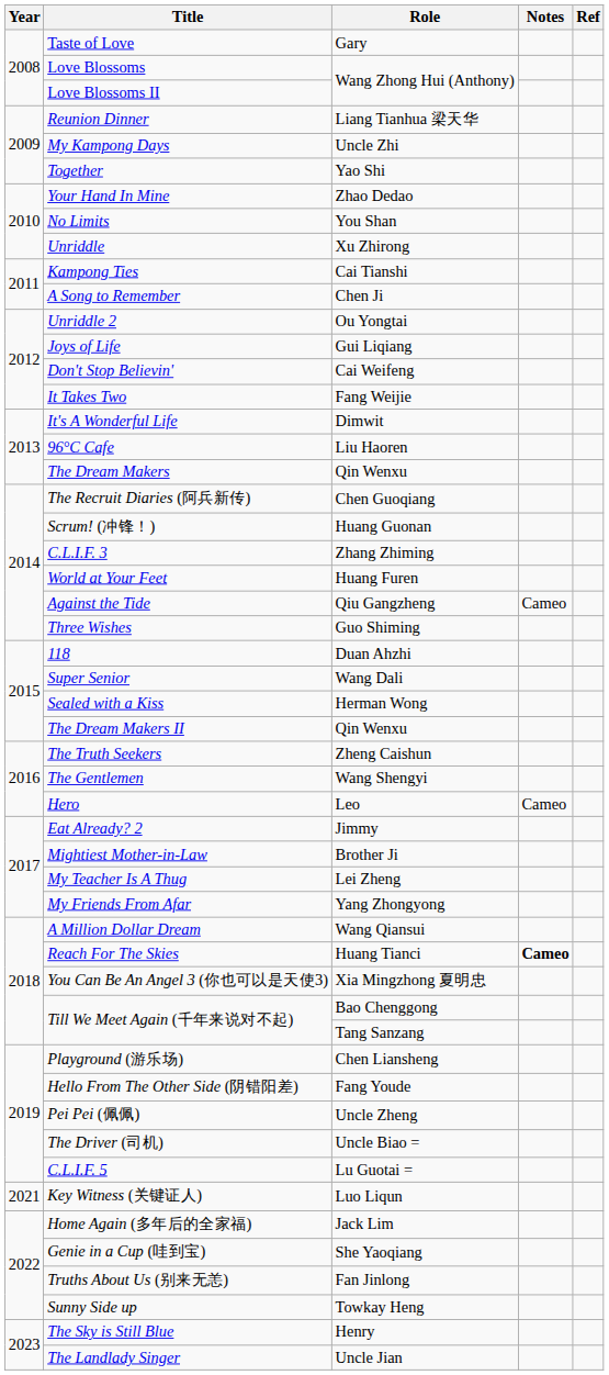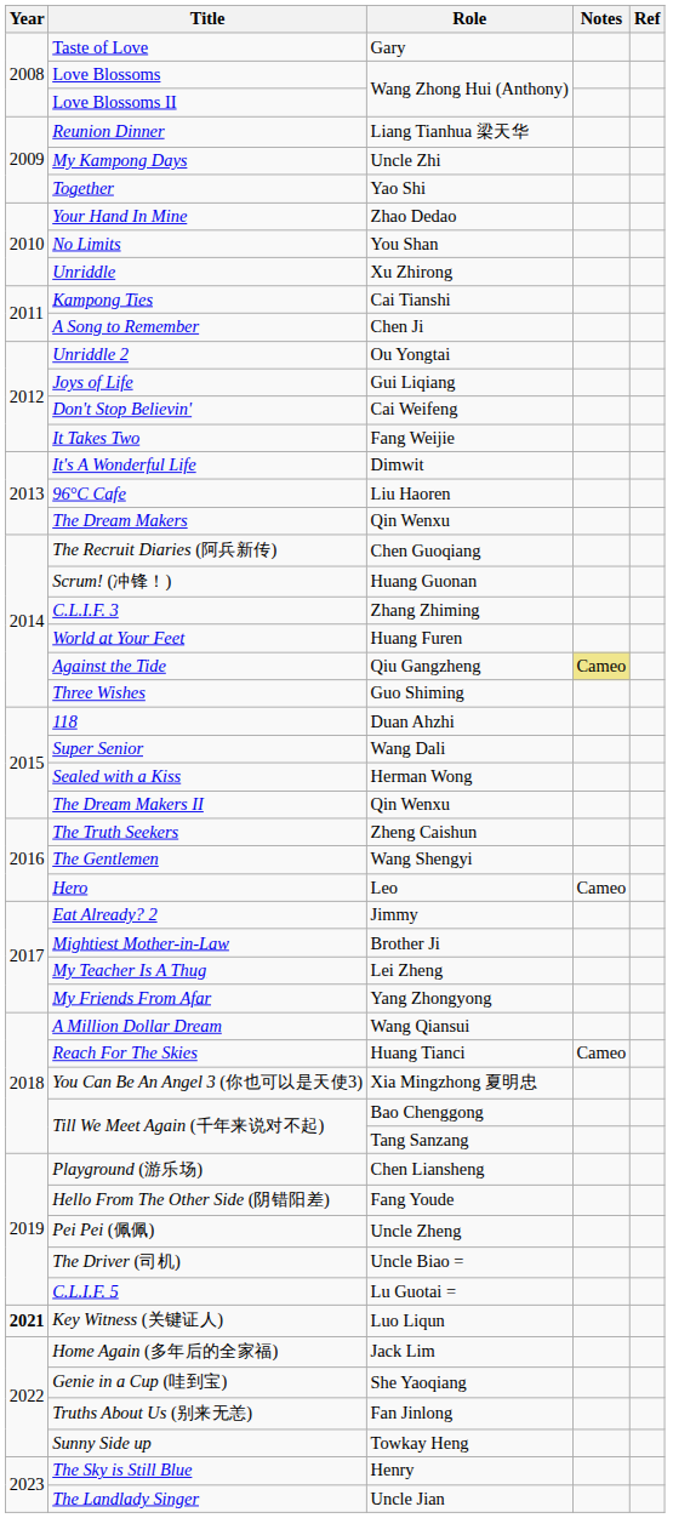 <table class="wikitable sortable">
 <tr>
 <th>Year</th>
 <th>Title</th>
 <th>Role</th>
 <th class="unsortable">Notes</th>
 <th class="unsortable">Ref</th>
 </tr>
 <tr>
 <td rowspan="3">2008</td>
 <td><a href='#'>Taste of Love</a></td>
 <td>Gary</td>
 <td></td>
 <td></td>
 </tr>
 <tr>
 <td><a href='#'>Love Blossoms</a></td>
 <td rowspan="2">Wang Zhong Hui (Anthony)</td>
 <td></td>
 <td></td>
 </tr>
 <tr>
 <td><a href='#'>Love Blossoms II</a></td>
 <td></td>
 <td></td>
 </tr>
 <tr>
 <td rowspan="3">2009</td>
 <td><em><a href='#'>Reunion Dinner</a></em></td>
 <td>Liang Tianhua 梁天华</td>
 <td></td>
 <td></td>
 </tr>
 <tr>
 <td><em><a href='#'>My Kampong Days</a></em></td>
 <td>Uncle Zhi</td>
 <td></td>
 <td></td>
 </tr>
 <tr>
 <td><em><a href='#'>Together</a></em></td>
 <td>Yao Shi</td>
 <td></td>
 <td></td>
 </tr>
 <tr>
 <td rowspan="3">2010</td>
 <td><em><a href='#'>Your Hand In Mine</a></em></td>
 <td>Zhao Dedao</td>
 <td></td>
 <td></td>
 </tr>
 <tr>
 <td><em><a href='#'>No Limits</a></em></td>
 <td>You Shan</td>
 <td></td>
 <td></td>
 </tr>
 <tr>
 <td><em><a href='#'>Unriddle</a></em></td>
 <td>Xu Zhirong</td>
 <td></td>
 <td></td>
 </tr>
 <tr>
 <td rowspan="2">2011</td>
 <td><em><a href='#'>Kampong Ties</a></em></td>
 <td>Cai Tianshi</td>
 <td></td>
 <td></td>
 </tr>
 <tr>
 <td><em><a href='#'>A Song to Remember</a></em></td>
 <td>Chen Ji</td>
 <td></td>
 <td></td>
 </tr>
 <tr>
 <td rowspan="4">2012</td>
 <td><em><a href='#'>Unriddle 2</a></em></td>
 <td>Ou Yongtai</td>
 <td></td>
 <td></td>
 </tr>
 <tr>
 <td><em><a href='#'>Joys of Life</a></em></td>
 <td>Gui Liqiang</td>
 <td></td>
 <td></td>
 </tr>
 <tr>
 <td><em><a href='#'>Don't Stop Believin'</a></em></td>
 <td>Cai Weifeng</td>
 <td></td>
 <td></td>
 </tr>
 <tr>
 <td><em><a href='#'>It Takes Two</a></em></td>
 <td>Fang Weijie</td>
 <td></td>
 <td></td>
 </tr>
 <tr>
 <td rowspan="3">2013</td>
 <td><em><a href='#'>It's A Wonderful Life</a></em></td>
 <td>Dimwit</td>
 <td></td>
 <td></td>
 </tr>
 <tr>
 <td><em><a href='#'>96°C Cafe</a></em></td>
 <td>Liu Haoren</td>
 <td></td>
 <td></td>
 </tr>
 <tr>
 <td><em><a href='#'>The Dream Makers</a></em></td>
 <td>Qin Wenxu</td>
 <td></td>
 <td></td>
 </tr>
 <tr>
 <td rowspan="6">2014</td>
 <td><em>The Recruit Diaries</em> (阿兵新传)</td>
 <td>Chen Guoqiang</td>
 <td></td>
 <td></td>
 </tr>
 <tr>
 <td><em>Scrum!</em> (冲锋！)</td>
 <td>Huang Guonan</td>
 <td></td>
 <td></td>
 </tr>
 <tr>
 <td><em><a href='#'>C.L.I.F. 3</a></em></td>
 <td>Zhang Zhiming</td>
 <td></td>
 <td></td>
 </tr>
 <tr>
 <td><em><a href='#'>World at Your Feet</a></em></td>
 <td>Huang Furen</td>
 <td></td>
 <td></td>
 </tr>
 <tr>
 <td><em><a href='#'>Against the Tide</a></em></td>
 <td>Qiu Gangzheng</td>
-<td>Cameo</td>
+<td style="background: khaki;">Cameo</td>
 <td></td>
 </tr>
 <tr>
 <td><em><a href='#'>Three Wishes</a></em></td>
 <td>Guo Shiming</td>
 <td></td>
 <td></td>
 </tr>
 <tr>
 <td rowspan="4">2015</td>
 <td><em><a href='#'>118</a></em></td>
 <td>Duan Ahzhi</td>
 <td></td>
 <td></td>
 </tr>
 <tr>
 <td><em><a href='#'>Super Senior</a></em></td>
 <td>Wang Dali</td>
 <td></td>
 <td></td>
 </tr>
 <tr>
 <td><em><a href='#'>Sealed with a Kiss</a></em></td>
 <td>Herman Wong</td>
 <td></td>
 <td></td>
 </tr>
 <tr>
 <td><em><a href='#'>The Dream Makers II</a></em></td>
 <td>Qin Wenxu</td>
 <td></td>
 <td></td>
 </tr>
 <tr>
 <td rowspan="3">2016</td>
 <td><em><a href='#'>The Truth Seekers</a></em></td>
 <td>Zheng Caishun</td>
 <td></td>
 <td></td>
 </tr>
 <tr>
 <td><em><a href='#'>The Gentlemen</a></em></td>
 <td>Wang Shengyi</td>
 <td></td>
 <td></td>
 </tr>
 <tr>
 <td><em><a href='#'>Hero</a></em></td>
 <td>Leo</td>
 <td>Cameo</td>
 <td></td>
 </tr>
 <tr>
 <td rowspan="4">2017</td>
 <td><em><a href='#'>Eat Already? 2</a></em></td>
 <td>Jimmy</td>
 <td></td>
 <td></td>
 </tr>
 <tr>
 <td><em><a href='#'>Mightiest Mother-in-Law</a></em></td>
 <td>Brother Ji</td>
 <td></td>
 <td></td>
 </tr>
 <tr>
 <td><em><a href='#'>My Teacher Is A Thug</a></em></td>
 <td>Lei Zheng</td>
 <td></td>
 <td></td>
 </tr>
 <tr>
 <td><em><a href='#'>My Friends From Afar</a></em></td>
 <td>Yang Zhongyong</td>
 <td></td>
 <td></td>
 </tr>
 <tr>
 <td rowspan="5">2018</td>
 <td><em><a href='#'>A Million Dollar Dream</a></em></td>
 <td>Wang Qiansui</td>
 <td></td>
 <td></td>
 </tr>
 <tr>
 <td><em><a href='#'>Reach For The Skies</a></em></td>
 <td>Huang Tianci</td>
-<td><strong>Cameo</strong></td>
+<td>Cameo</td>
 <td></td>
 </tr>
 <tr>
 <td><em>You Can Be An Angel 3</em> (你也可以是天使3)</td>
 <td>Xia Mingzhong 夏明忠</td>
 <td></td>
 <td></td>
 </tr>
 <tr>
 <td rowspan="2"><em>Till We Meet Again</em> (千年来说对不起)</td>
 <td>Bao Chenggong</td>
 <td></td>
 <td></td>
 </tr>
 <tr>
 <td>Tang Sanzang</td>
 <td></td>
 <td></td>
 </tr>
 <tr>
 <td rowspan="5">2019</td>
 <td><em>Playground</em> (游乐场)</td>
 <td>Chen Liansheng</td>
 <td></td>
 <td></td>
 </tr>
 <tr>
 <td><em>Hello From The Other Side</em> (阴错阳差)</td>
 <td>Fang Youde</td>
 <td></td>
 <td></td>
 </tr>
 <tr>
 <td><em>Pei Pei</em> (佩佩)</td>
 <td>Uncle Zheng</td>
 <td></td>
 <td></td>
 </tr>
 <tr>
 <td><em>The Driver</em> (司机)</td>
 <td>Uncle Biao =</td>
 <td></td>
 <td></td>
 </tr>
 <tr>
 <td><em><a href='#'>C.L.I.F. 5</a></em></td>
 <td>Lu Guotai =</td>
 <td></td>
 <td></td>
 </tr>
 <tr>
-<td>2021</td>
+<td><strong>2021</strong></td>
 <td><em>Key Witness</em> (关键证人)</td>
 <td>Luo Liqun</td>
 <td></td>
 <td></td>
 </tr>
 <tr>
 <td rowspan="4">2022</td>
 <td><em>Home Again</em> (多年后的全家福)</td>
 <td>Jack Lim</td>
 <td></td>
 <td></td>
 </tr>
 <tr>
 <td><em>Genie in a Cup</em> (哇到宝)</td>
 <td>She Yaoqiang</td>
 <td></td>
 <td></td>
 </tr>
 <tr>
 <td><em>Truths About Us</em> (别来无恙)</td>
 <td>Fan Jinlong</td>
 <td></td>
 <td></td>
 </tr>
 <tr>
 <td><em>Sunny Side up</em></td>
 <td>Towkay Heng</td>
 <td></td>
 <td></td>
 </tr>
 <tr>
 <td rowspan="2">2023</td>
 <td><em><a href='#'>The Sky is Still Blue</a></em></td>
 <td>Henry</td>
 <td></td>
 <td></td>
 </tr>
 <tr>
 <td><em><a href='#'>The Landlady Singer</a></em></td>
 <td>Uncle Jian</td>
 <td></td>
 <td></td>
 </tr>
 </table>
